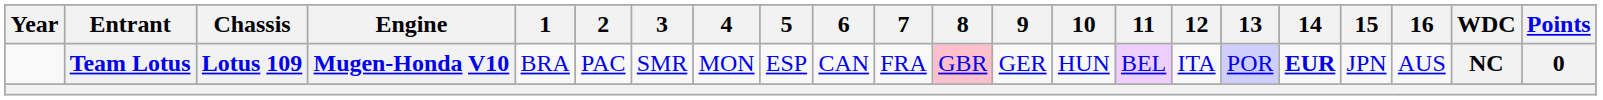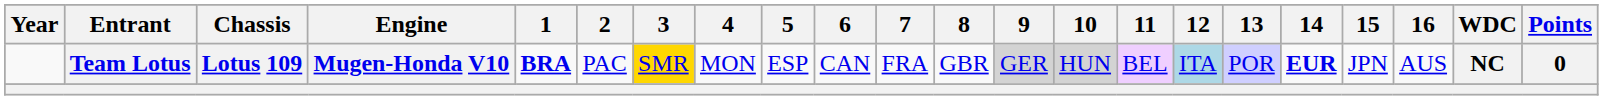 <table class="wikitable" style="text-align:center; font-size:85%">
 <tr>
 <th>Year</th>
 <th>Entrant</th>
 <th>Chassis</th>
 <th>Engine</th>
 <th>1</th>
 <th>2</th>
 <th>3</th>
 <th>4</th>
 <th>5</th>
 <th>6</th>
 <th>7</th>
 <th>8</th>
 <th>9</th>
 <th>10</th>
 <th>11</th>
 <th>12</th>
 <th>13</th>
 <th>14</th>
 <th>15</th>
 <th>16</th>
 <th>WDC</th>
 <th><a href='#'>Points</a></th>
 </tr>
 <tr>
 <td></td>
 <th nowrap><a href='#'>Team Lotus</a></th>
 <th nowrap><a href='#'>Lotus</a> <a href='#'>109</a></th>
 <th nowrap><a href='#'>Mugen-Honda</a> <a href='#'>V10</a></th>
-<td><a href='#'>BRA</a></td>
+<td><strong><a href='#'>BRA</a></strong></td>
 <td><a href='#'>PAC</a></td>
-<td><a href='#'>SMR</a></td>
+<td style="background: gold;"><a href='#'>SMR</a></td>
 <td><a href='#'>MON</a></td>
 <td><a href='#'>ESP</a></td>
 <td><a href='#'>CAN</a></td>
 <td><a href='#'>FRA</a></td>
-<td style="background: pink;"><a href='#'>GBR</a></td>
-<td><a href='#'>GER</a></td>
-<td><a href='#'>HUN</a></td>
+<td><a href='#'>GBR</a></td>
+<td style="background: lightgrey;"><a href='#'>GER</a></td>
+<td style="background: lightgrey;"><a href='#'>HUN</a></td>
 <td style="background:#EFCFFF;"><a href='#'>BEL</a><br></td>
-<td><a href='#'>ITA</a></td>
+<td style="background: lightblue;"><a href='#'>ITA</a></td>
 <td style="background:#CFCFFF;"><a href='#'>POR</a><br></td>
 <td><strong><a href='#'>EUR</a></strong></td>
 <td><a href='#'>JPN</a></td>
 <td><a href='#'>AUS</a></td>
 <th>NC</th>
 <th>0</th>
 </tr>
 <tr>
 <th colspan="22"></th>
 </tr>
 </table>
